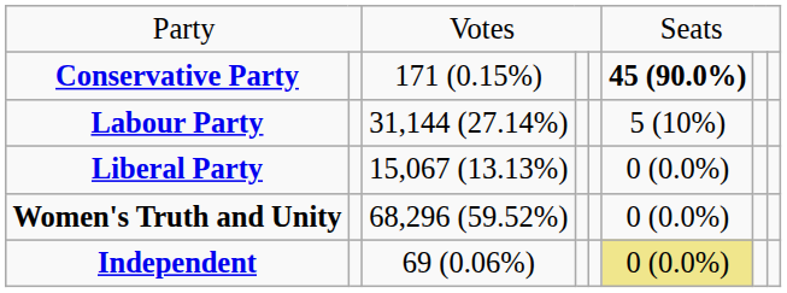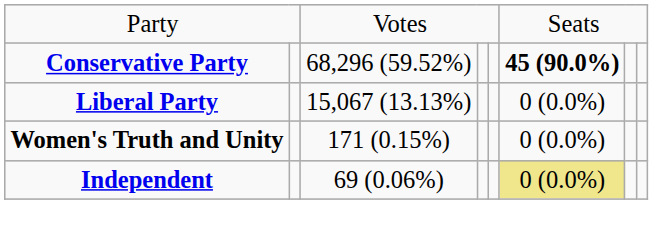 <table class=wikitable style="text-align:center;">
 <tr>
 <td colspan=2>Party</td>
 <td colspan=3>Votes</td>
 <td colspan=3>Seats</td>
 </tr>
 <tr>
 <td><strong><a href='#'>Conservative Party</a></strong></td>
 <td style="background:"></td>
-<td>171 (0.15%)</td>
+<td>68,296 (59.52%)</td>
 <td></td>
 <td></td>
 <td><strong>45 (90.0%)</strong></td>
-<td></td>
-<td></td>
-</tr>
-<tr>
-<td><strong><a href='#'>Labour Party</a></strong></td>
-<td style="background:"></td>
-<td>31,144 (27.14%)</td>
-<td></td>
-<td></td>
-<td>5 (10%)</td>
 <td></td>
 <td></td>
 </tr>
 <tr>
 <td><strong><a href='#'>Liberal Party</a></strong></td>
 <td style="background:"></td>
 <td>15,067 (13.13%)</td>
 <td></td>
 <td></td>
 <td>0 (0.0%)</td>
 <td></td>
 <td></td>
 </tr>
 <tr>
 <td><strong>Women's Truth and Unity</strong></td>
 <td style="background:"></td>
-<td>68,296 (59.52%)</td>
+<td>171 (0.15%)</td>
 <td></td>
 <td></td>
 <td>0 (0.0%)</td>
 <td></td>
 <td></td>
 </tr>
 <tr>
 <td><strong><a href='#'>Independent</a></strong></td>
 <td style="background:"></td>
 <td>69 (0.06%)</td>
 <td></td>
 <td></td>
 <td style="background: khaki;">0 (0.0%)</td>
 <td></td>
 <td></td>
 </tr>
 </table>
